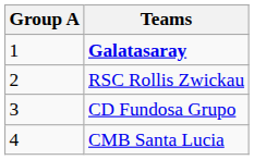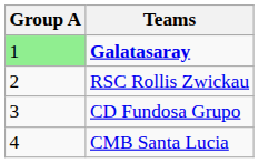 <table class="wikitable">
 <tr>
 <th>Group A</th>
 <th>Teams</th>
 </tr>
 <tr>
-<td>1</td>
+<td style="background: lightgreen;">1</td>
 <td> <strong><a href='#'>Galatasaray</a></strong></td>
 </tr>
 <tr>
 <td>2</td>
 <td> <a href='#'>RSC Rollis Zwickau</a></td>
 </tr>
 <tr>
 <td>3</td>
 <td> <a href='#'>CD Fundosa Grupo</a></td>
 </tr>
 <tr>
 <td>4</td>
 <td> <a href='#'>CMB Santa Lucia</a></td>
 </tr>
 </table>
